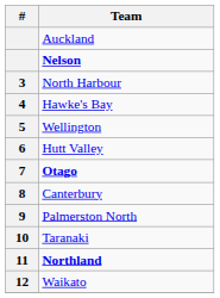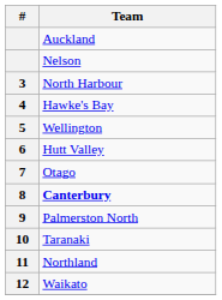 <table class="wikitable" width="15%" style="font-size:95%; text-align:center">
 <tr>
 <th>#</th>
 <th>Team</th>
 </tr>
 <tr>
 <th></th>
 <td align=left><a href='#'>Auckland</a></td>
 </tr>
 <tr>
 <th></th>
-<td align=left><strong><a href='#'>Nelson</a></strong></td>
+<td align=left><a href='#'>Nelson</a></td>
 </tr>
 <tr>
 <th>3</th>
 <td align=left><a href='#'>North Harbour</a></td>
 </tr>
 <tr>
 <th>4</th>
 <td align=left><a href='#'>Hawke's Bay</a></td>
 </tr>
 <tr>
 <th>5</th>
 <td align=left><a href='#'>Wellington</a></td>
 </tr>
 <tr>
 <th>6</th>
 <td align=left><a href='#'>Hutt Valley</a></td>
 </tr>
 <tr>
 <th>7</th>
-<td align=left><strong><a href='#'>Otago</a></strong></td>
+<td align=left><a href='#'>Otago</a></td>
 </tr>
 <tr>
 <th>8</th>
-<td align=left><a href='#'>Canterbury</a></td>
+<td align=left><strong><a href='#'>Canterbury</a></strong></td>
 </tr>
 <tr>
 <th>9</th>
 <td align=left><a href='#'>Palmerston North</a></td>
 </tr>
 <tr>
 <th>10</th>
 <td align=left><a href='#'>Taranaki</a></td>
 </tr>
 <tr>
 <th>11</th>
-<td align=left><strong><a href='#'>Northland</a></strong></td>
+<td align=left><a href='#'>Northland</a></td>
 </tr>
 <tr>
 <th>12</th>
 <td align=left><a href='#'>Waikato</a></td>
 </tr>
 <tr>
 </tr>
 </table>
